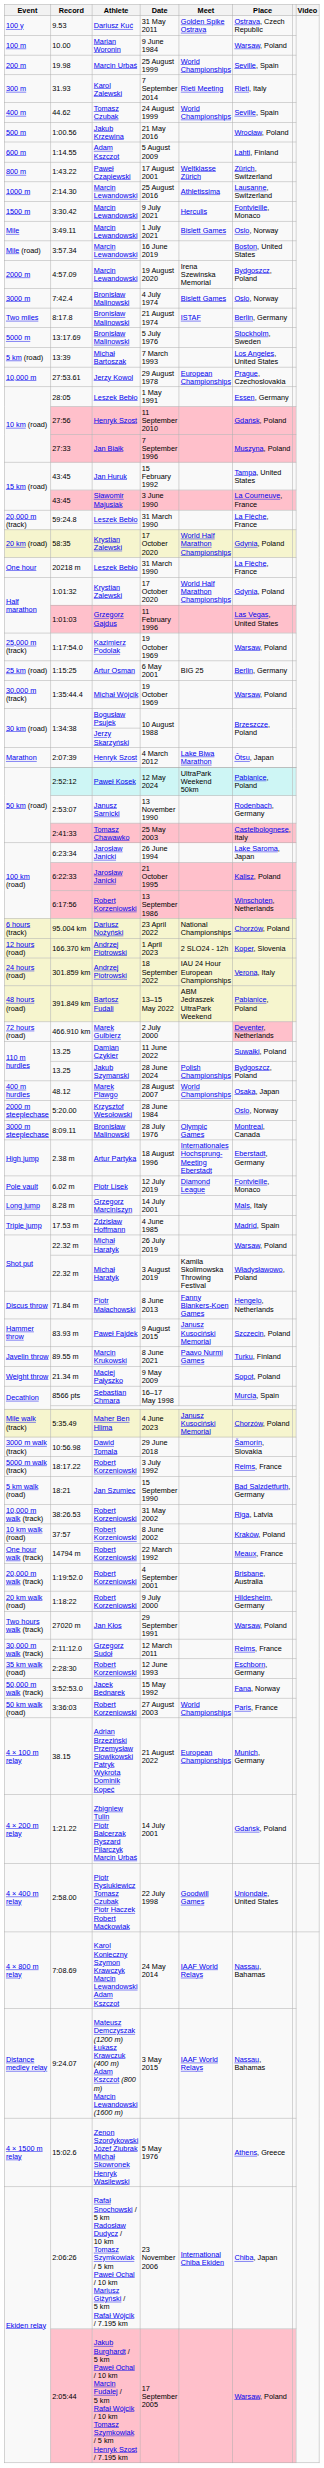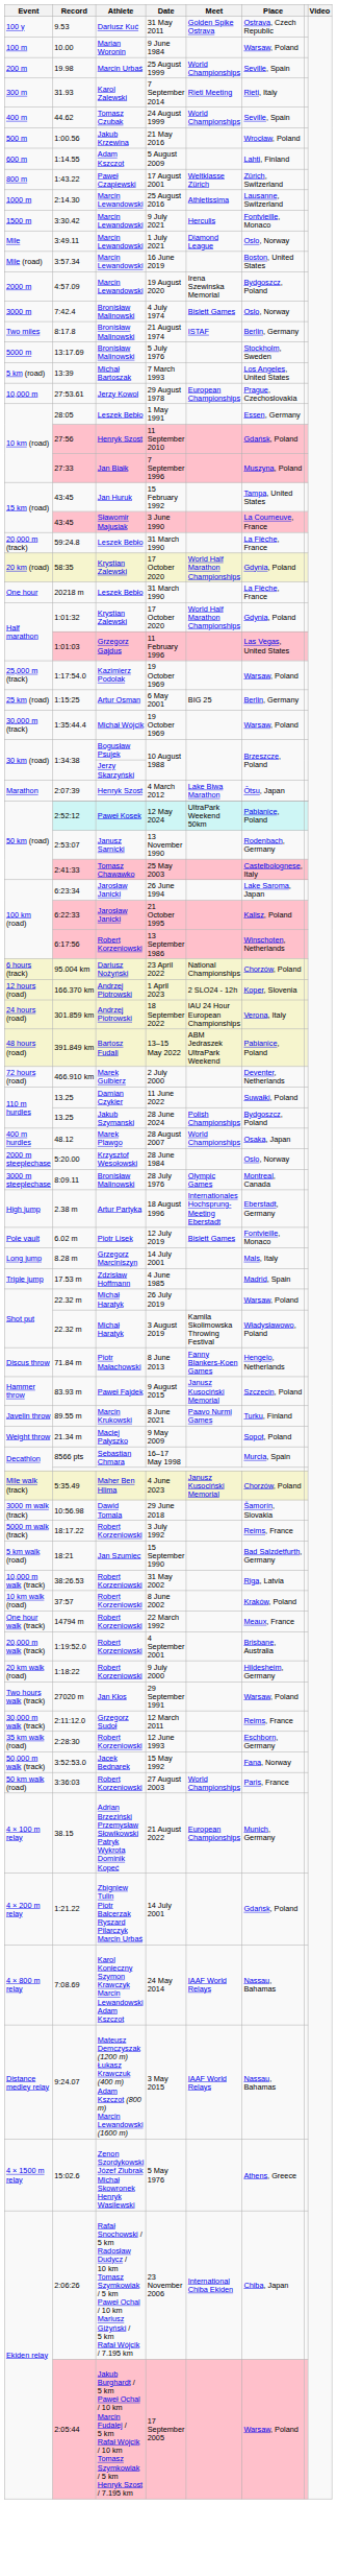 <table class="wikitable" style="font-size:95%; width: 95%;">
 <tr>
 <th>Event</th>
 <th>Record</th>
 <th>Athlete</th>
 <th>Date</th>
 <th>Meet</th>
 <th>Place</th>
 <th></th>
 <th>Video</th>
 </tr>
 <tr>
 <td><a href='#'>100 y</a></td>
 <td>9.53 </td>
 <td><a href='#'>Dariusz Kuć</a></td>
 <td>31 May 2011</td>
 <td><a href='#'>Golden Spike Ostrava</a></td>
 <td><a href='#'>Ostrava</a>, Czech Republic</td>
 <td></td>
 </tr>
 <tr>
 <td><a href='#'>100 m</a></td>
 <td>10.00 </td>
 <td><a href='#'>Marian Woronin</a></td>
 <td>9 June 1984</td>
 <td></td>
 <td><a href='#'>Warsaw</a>, Poland</td>
 <td></td>
 </tr>
 <tr>
 <td><a href='#'>200 m</a></td>
 <td>19.98 </td>
 <td><a href='#'>Marcin Urbaś</a></td>
 <td>25 August 1999</td>
 <td><a href='#'>World Championships</a></td>
 <td><a href='#'>Seville</a>, Spain</td>
 <td></td>
 </tr>
 <tr>
 <td><a href='#'>300 m</a></td>
 <td>31.93</td>
 <td><a href='#'>Karol Zalewski</a></td>
 <td>7 September 2014</td>
 <td><a href='#'>Rieti Meeting</a></td>
 <td><a href='#'>Rieti</a>, Italy</td>
 <td></td>
 </tr>
 <tr>
 <td><a href='#'>400 m</a></td>
 <td>44.62</td>
 <td><a href='#'>Tomasz Czubak</a></td>
 <td>24 August 1999</td>
 <td><a href='#'>World Championships</a></td>
 <td><a href='#'>Seville</a>, Spain</td>
 <td></td>
 </tr>
 <tr>
 <td><a href='#'>500 m</a></td>
 <td>1:00.56</td>
 <td><a href='#'>Jakub Krzewina</a></td>
 <td>21 May 2016</td>
 <td></td>
 <td><a href='#'>Wrocław</a>, Poland</td>
 <td></td>
 </tr>
 <tr>
 <td><a href='#'>600 m</a></td>
 <td>1:14.55</td>
 <td><a href='#'>Adam Kszczot</a></td>
 <td>5 August 2009</td>
 <td></td>
 <td><a href='#'>Lahti</a>, Finland</td>
 <td></td>
 </tr>
 <tr>
 <td><a href='#'>800 m</a></td>
 <td>1:43.22</td>
 <td><a href='#'>Paweł Czapiewski</a></td>
 <td>17 August 2001</td>
 <td><a href='#'>Weltklasse Zürich</a></td>
 <td><a href='#'>Zürich</a>, Switzerland</td>
 <td></td>
 </tr>
 <tr>
 <td><a href='#'>1000 m</a></td>
 <td>2:14.30</td>
 <td><a href='#'>Marcin Lewandowski</a></td>
 <td>25 August 2016</td>
 <td><a href='#'>Athletissima</a></td>
 <td><a href='#'>Lausanne</a>, Switzerland</td>
 <td></td>
 </tr>
 <tr>
 <td><a href='#'>1500 m</a></td>
 <td>3:30.42</td>
 <td><a href='#'>Marcin Lewandowski</a></td>
 <td>9 July 2021</td>
 <td><a href='#'>Herculis</a></td>
 <td><a href='#'>Fontvieille</a>, Monaco</td>
 <td></td>
 </tr>
 <tr>
 <td><a href='#'>Mile</a></td>
 <td>3:49.11</td>
 <td><a href='#'>Marcin Lewandowski</a></td>
 <td>1 July 2021</td>
-<td><a href='#'>Bislett Games</a></td>
+<td><a href='#'>Diamond League</a></td>
 <td><a href='#'>Oslo</a>, Norway</td>
 <td></td>
 </tr>
 <tr>
 <td><a href='#'>Mile</a> (road)</td>
 <td>3:57.34</td>
 <td><a href='#'>Marcin Lewandowski</a></td>
 <td>16 June 2019</td>
 <td></td>
 <td><a href='#'>Boston</a>, United States</td>
 <td></td>
 </tr>
 <tr>
 <td><a href='#'>2000 m</a></td>
 <td>4:57.09</td>
 <td><a href='#'>Marcin Lewandowski</a></td>
 <td>19 August 2020</td>
 <td>Irena Szewinska Memorial</td>
 <td><a href='#'>Bydgoszcz</a>, Poland</td>
 <td></td>
 </tr>
 <tr>
 <td><a href='#'>3000 m</a></td>
 <td>7:42.4</td>
 <td><a href='#'>Bronisław Malinowski</a></td>
 <td>4 July 1974</td>
 <td><a href='#'>Bislett Games</a></td>
 <td><a href='#'>Oslo</a>, Norway</td>
 <td></td>
 </tr>
 <tr>
 <td><a href='#'>Two miles</a></td>
 <td>8:17.8 </td>
 <td><a href='#'>Bronisław Malinowski</a></td>
 <td>21 August 1974</td>
 <td><a href='#'>ISTAF</a></td>
 <td><a href='#'>Berlin</a>, Germany</td>
 <td></td>
 </tr>
 <tr>
 <td><a href='#'>5000 m</a></td>
 <td>13:17.69</td>
 <td><a href='#'>Bronisław Malinowski</a></td>
 <td>5 July 1976</td>
 <td></td>
 <td><a href='#'>Stockholm</a>, Sweden</td>
 <td></td>
 </tr>
 <tr>
 <td><a href='#'>5 km</a> (road)</td>
 <td>13:39</td>
 <td><a href='#'>Michał Bartoszak</a></td>
 <td>7 March 1993</td>
 <td></td>
 <td><a href='#'>Los Angeles</a>, United States</td>
 <td></td>
 </tr>
 <tr>
 <td><a href='#'>10,000 m</a></td>
 <td>27:53.61</td>
 <td><a href='#'>Jerzy Kowol</a></td>
 <td>29 August 1978</td>
 <td><a href='#'>European Championships</a></td>
 <td><a href='#'>Prague</a>, Czechoslovakia</td>
 <td></td>
 </tr>
 <tr>
 <td rowspan=3><a href='#'>10 km</a> (road)</td>
 <td>28:05</td>
 <td><a href='#'>Leszek Bebło</a></td>
 <td>1 May 1991</td>
 <td></td>
 <td><a href='#'>Essen</a>, Germany</td>
 <td></td>
 </tr>
 <tr style="background:pink">
 <td>27:56</td>
 <td><a href='#'>Henryk Szost</a></td>
 <td>11 September 2010</td>
 <td></td>
 <td><a href='#'>Gdańsk</a>, Poland</td>
 <td></td>
 </tr>
 <tr style="background:pink">
 <td>27:33</td>
 <td><a href='#'>Jan Białk</a></td>
 <td>7 September 1996</td>
 <td></td>
 <td><a href='#'>Muszyna</a>, Poland</td>
 <td></td>
 </tr>
 <tr>
 <td rowspan=2><a href='#'>15 km</a> (road)</td>
 <td>43:45</td>
 <td><a href='#'>Jan Huruk</a></td>
 <td>15 February 1992</td>
 <td></td>
 <td><a href='#'>Tampa</a>, United States</td>
 <td></td>
 </tr>
 <tr style="background:pink">
 <td>43:45</td>
 <td><a href='#'>Sławomir Majusiak</a></td>
 <td>3 June 1990</td>
 <td></td>
 <td><a href='#'>La Courneuve</a>, France</td>
 <td></td>
 </tr>
 <tr>
 <td><a href='#'>20,000 m</a> (track)</td>
 <td>59:24.8</td>
 <td><a href='#'>Leszek Bebło</a></td>
 <td>31 March 1990</td>
 <td></td>
 <td><a href='#'>La Flèche</a>, France</td>
 <td></td>
 </tr>
 <tr style="background:#f6F5CE;">
 <td><a href='#'>20 km</a> (road)</td>
 <td>58:35</td>
 <td><a href='#'>Krystian Zalewski</a></td>
 <td>17 October 2020</td>
 <td><a href='#'>World Half Marathon Championships</a></td>
 <td><a href='#'>Gdynia</a>, Poland</td>
 <td></td>
 </tr>
 <tr>
 <td><a href='#'>One hour</a></td>
 <td>20218 m</td>
 <td><a href='#'>Leszek Bebło</a></td>
 <td>31 March 1990</td>
 <td></td>
 <td><a href='#'>La Flèche</a>, France</td>
 <td></td>
 </tr>
 <tr>
 <td rowspan=2><a href='#'>Half marathon</a></td>
 <td>1:01:32</td>
 <td><a href='#'>Krystian Zalewski</a></td>
 <td>17 October 2020</td>
 <td><a href='#'>World Half Marathon Championships</a></td>
 <td><a href='#'>Gdynia</a>, Poland</td>
 <td></td>
 </tr>
 <tr style="background:pink">
 <td>1:01:03</td>
 <td><a href='#'>Grzegorz Gajdus</a></td>
 <td>11 February 1996</td>
 <td></td>
 <td><a href='#'>Las Vegas</a>, United States</td>
 <td></td>
 </tr>
 <tr>
 <td><a href='#'>25,000 m</a> (track)</td>
 <td>1:17:54.0</td>
 <td><a href='#'>Kazimierz Podolak</a></td>
 <td>19 October 1969</td>
 <td></td>
 <td><a href='#'>Warsaw</a>, Poland</td>
 <td></td>
 </tr>
 <tr>
 <td><a href='#'>25 km</a> (road)</td>
 <td>1:15:25</td>
 <td><a href='#'>Artur Osman</a></td>
 <td>6 May 2001</td>
 <td>BIG 25</td>
 <td><a href='#'>Berlin</a>, Germany</td>
 <td></td>
 </tr>
 <tr>
 <td><a href='#'>30,000 m</a> (track)</td>
 <td>1:35:44.4</td>
 <td><a href='#'>Michał Wójcik</a></td>
 <td>19 October 1969</td>
 <td></td>
 <td><a href='#'>Warsaw</a>, Poland</td>
 <td></td>
 </tr>
 <tr>
 <td rowspan=2><a href='#'>30 km</a> (road)</td>
 <td rowspan=2>1:34:38</td>
 <td><a href='#'>Bogusław Psujek</a></td>
 <td rowspan=2>10 August 1988</td>
 <td rowspan=2></td>
 <td rowspan=2><a href='#'>Brzeszcze</a>, Poland</td>
 <td rowspan=2></td>
 </tr>
 <tr>
 <td><a href='#'>Jerzy Skarzyński</a></td>
 </tr>
 <tr>
 <td><a href='#'>Marathon</a></td>
 <td>2:07:39</td>
 <td><a href='#'>Henryk Szost</a></td>
 <td>4 March 2012</td>
 <td><a href='#'>Lake Biwa Marathon</a></td>
 <td><a href='#'>Ōtsu</a>, Japan</td>
 <td></td>
 </tr>
 <tr>
 <td rowspan=4><a href='#'>50 km</a> (road)</td>
 </tr>
 <tr style="background:#CEF6F5">
 <td>2:52:12</td>
 <td><a href='#'>Paweł Kosek</a></td>
 <td>12 May 2024</td>
 <td>UltraPark Weekend 50km</td>
 <td><a href='#'>Pabianice</a>, Poland</td>
 <td></td>
 </tr>
 <tr>
 <td>2:53:07</td>
 <td><a href='#'>Janusz Sarnicki</a></td>
 <td>13 November 1990</td>
 <td></td>
 <td><a href='#'>Rodenbach</a>, Germany</td>
 <td></td>
 </tr>
 <tr style="background:pink">
 <td>2:41:33</td>
 <td><a href='#'>Tomasz Chawawko</a></td>
 <td>25 May 2003</td>
 <td></td>
 <td><a href='#'>Castelbolognese</a>, Italy</td>
 <td></td>
 </tr>
 <tr>
 <td rowspan=3><a href='#'>100 km</a> (road)</td>
 <td>6:23:34</td>
 <td><a href='#'>Jarosław Janicki</a></td>
 <td>26 June 1994</td>
 <td></td>
 <td><a href='#'>Lake Saroma</a>, Japan</td>
 <td></td>
 </tr>
 <tr style="background:pink">
 <td>6:22:33</td>
 <td><a href='#'>Jarosław Janicki</a></td>
 <td>21 October 1995</td>
 <td></td>
 <td><a href='#'>Kalisz</a>, Poland</td>
 <td></td>
 </tr>
 <tr style="background:pink">
 <td>6:17:56</td>
 <td><a href='#'>Robert Korzeniowski</a></td>
 <td>13 September 1986</td>
 <td></td>
 <td><a href='#'>Winschoten</a>, Netherlands</td>
 <td></td>
 </tr>
 <tr style="background:#f6F5CE;">
 <td><a href='#'>6 hours</a> (track)</td>
 <td>95.004 km</td>
 <td><a href='#'>Dariusz Nożyński</a></td>
 <td>23 April 2022</td>
 <td>National Championships</td>
 <td><a href='#'>Chorzów</a>, Poland</td>
 <td></td>
 </tr>
 <tr style="background:#f6F5CE;">
 <td><a href='#'>12 hours</a> (road)</td>
 <td>166.370 km</td>
 <td><a href='#'>Andrzej Piotrowski</a></td>
 <td>1 April 2023</td>
 <td>2 SLO24 - 12h</td>
 <td><a href='#'>Koper</a>, Slovenia</td>
 <td></td>
 </tr>
 <tr style="background:#f6F5CE;">
 <td><a href='#'>24 hours</a> (road)</td>
 <td>301.859 km</td>
 <td><a href='#'>Andrzej Piotrowski</a></td>
 <td>18 September 2022</td>
 <td>IAU 24 Hour European Championships</td>
 <td><a href='#'>Verona</a>, Italy</td>
 <td></td>
 </tr>
 <tr style="background:#f6F5CE;">
 <td><a href='#'>48 hours</a> (road)</td>
 <td>391.849 km</td>
 <td><a href='#'>Bartosz Fudali</a></td>
 <td>13–15 May 2022</td>
 <td>ABM Jedraszek UltraPark Weekend</td>
 <td><a href='#'>Pabianice</a>, Poland</td>
 <td></td>
 </tr>
 <tr>
 <td><a href='#'>72 hours</a> (road)</td>
 <td>466.910 km</td>
 <td><a href='#'>Marek Gulbierz</a></td>
 <td>2 July 2000</td>
 <td></td>
-<td style="background: pink;"><a href='#'>Deventer</a>, Netherlands</td>
+<td><a href='#'>Deventer</a>, Netherlands</td>
 <td></td>
 </tr>
 <tr>
 <td rowspan=2><a href='#'>110 m hurdles</a></td>
 <td>13.25 </td>
 <td><a href='#'>Damian Czykier</a></td>
 <td>11 June 2022</td>
 <td></td>
 <td><a href='#'>Suwałki</a>, Poland</td>
 <td></td>
 </tr>
 <tr>
 <td>13.25 </td>
 <td><a href='#'>Jakub Szymanski</a></td>
 <td>28 June 2024</td>
 <td><a href='#'>Polish Championships</a></td>
 <td><a href='#'>Bydgoszcz</a>, Poland</td>
 <td></td>
 </tr>
 <tr>
 <td><a href='#'>400 m hurdles</a></td>
 <td>48.12</td>
 <td><a href='#'>Marek Plawgo</a></td>
 <td>28 August 2007</td>
 <td><a href='#'>World Championships</a></td>
 <td><a href='#'>Osaka</a>, Japan</td>
 <td></td>
 </tr>
 <tr>
 <td><a href='#'>2000 m steeplechase</a></td>
 <td>5:20.00</td>
 <td><a href='#'>Krzysztof Wesołowski</a></td>
 <td>28 June 1984</td>
 <td></td>
 <td><a href='#'>Oslo</a>, Norway</td>
 <td></td>
 </tr>
 <tr>
 <td><a href='#'>3000 m steeplechase</a></td>
 <td>8:09.11</td>
 <td><a href='#'>Bronisław Malinowski</a></td>
 <td>28 July 1976</td>
 <td><a href='#'>Olympic Games</a></td>
 <td><a href='#'>Montreal</a>, Canada</td>
 <td></td>
 </tr>
 <tr>
 <td><a href='#'>High jump</a></td>
 <td>2.38 m</td>
 <td><a href='#'>Artur Partyka</a></td>
 <td>18 August 1996</td>
 <td><a href='#'>Internationales Hochsprung-Meeting Eberstadt</a></td>
 <td><a href='#'>Eberstadt</a>, Germany</td>
 <td></td>
 </tr>
 <tr>
 <td><a href='#'>Pole vault</a></td>
 <td>6.02 m</td>
 <td><a href='#'>Piotr Lisek</a></td>
 <td>12 July 2019</td>
-<td><a href='#'>Diamond League</a></td>
+<td><a href='#'>Bislett Games</a></td>
 <td><a href='#'>Fontvieille</a>, Monaco</td>
 <td></td>
 </tr>
 <tr>
 <td><a href='#'>Long jump</a></td>
 <td>8.28 m  </td>
 <td><a href='#'>Grzegorz Marciniszyn</a></td>
 <td>14 July 2001</td>
 <td></td>
 <td><a href='#'>Mals</a>, Italy</td>
 <td></td>
 </tr>
 <tr>
 <td><a href='#'>Triple jump</a></td>
 <td>17.53 m </td>
 <td><a href='#'>Zdzisław Hoffmann</a></td>
 <td>4 June 1985</td>
 <td></td>
 <td><a href='#'>Madrid</a>, Spain</td>
 <td></td>
 </tr>
 <tr>
 <td rowspan=2><a href='#'>Shot put</a></td>
 <td>22.32 m</td>
 <td><a href='#'>Michał Haratyk</a></td>
 <td>26 July 2019</td>
 <td></td>
 <td><a href='#'>Warsaw</a>, Poland</td>
 <td></td>
 </tr>
 <tr>
 <td>22.32 m</td>
 <td><a href='#'>Michał Haratyk</a></td>
 <td>3 August 2019</td>
 <td>Kamila Skolimowska Throwing Festival</td>
 <td><a href='#'>Władysławowo</a>, Poland</td>
 <td></td>
 </tr>
 <tr>
 <td><a href='#'>Discus throw</a></td>
 <td>71.84 m</td>
 <td><a href='#'>Piotr Małachowski</a></td>
 <td>8 June 2013</td>
 <td><a href='#'>Fanny Blankers-Koen Games</a></td>
 <td><a href='#'>Hengelo</a>, Netherlands</td>
 <td></td>
 </tr>
 <tr>
 <td><a href='#'>Hammer throw</a></td>
 <td>83.93 m</td>
 <td><a href='#'>Paweł Fajdek</a></td>
 <td>9 August 2015</td>
 <td><a href='#'>Janusz Kusociński Memorial</a></td>
 <td><a href='#'>Szczecin</a>, Poland</td>
 <td></td>
 </tr>
 <tr>
 <td><a href='#'>Javelin throw</a></td>
 <td>89.55 m</td>
 <td><a href='#'>Marcin Krukowski</a></td>
 <td>8 June 2021</td>
 <td><a href='#'>Paavo Nurmi Games</a></td>
 <td><a href='#'>Turku</a>, Finland</td>
 <td></td>
 </tr>
 <tr>
 <td><a href='#'>Weight throw</a></td>
 <td>21.34 m</td>
 <td><a href='#'>Maciej Pałyszko</a></td>
 <td>9 May 2009</td>
 <td></td>
 <td><a href='#'>Sopot</a>, Poland</td>
 <td></td>
 </tr>
 <tr>
 <td rowspan=2><a href='#'>Decathlon</a></td>
 <td>8566 pts</td>
 <td><a href='#'>Sebastian Chmara</a></td>
 <td>16–17 May 1998</td>
 <td></td>
 <td><a href='#'>Murcia</a>, Spain</td>
 <td></td>
 </tr>
 <tr>
 <td colspan=5></td>
 <td></td>
 </tr>
 <tr style="background:#f6F5CE;">
 <td><a href='#'>Mile walk</a> (track)</td>
 <td>5:35.49</td>
 <td><a href='#'>Maher Ben Hlima</a></td>
 <td>4 June 2023</td>
 <td><a href='#'>Janusz Kusociński Memorial</a></td>
 <td><a href='#'>Chorzów</a>, Poland</td>
 <td></td>
 </tr>
 <tr>
 <td><a href='#'>3000 m walk</a> (track)</td>
 <td>10:56.98</td>
 <td><a href='#'>Dawid Tomala</a></td>
 <td>29 June 2018</td>
 <td></td>
 <td><a href='#'>Šamorín</a>, Slovakia</td>
 <td></td>
 </tr>
 <tr>
 <td><a href='#'>5000 m walk</a> (track)</td>
 <td>18:17.22</td>
 <td><a href='#'>Robert Korzeniowski</a></td>
 <td>3 July 1992</td>
 <td></td>
 <td><a href='#'>Reims</a>, France</td>
 <td></td>
 </tr>
 <tr>
 <td><a href='#'>5 km walk</a> (road)</td>
 <td>18:21</td>
 <td><a href='#'>Jan Szumiec</a></td>
 <td>15 September 1990</td>
 <td></td>
 <td><a href='#'>Bad Salzdetfurth</a>, Germany</td>
 <td></td>
 </tr>
 <tr>
 <td><a href='#'>10,000 m walk</a> (track)</td>
 <td>38:26.53</td>
 <td><a href='#'>Robert Korzeniowski</a></td>
 <td>31 May 2002</td>
 <td></td>
 <td><a href='#'>Riga</a>, Latvia</td>
 <td></td>
 </tr>
 <tr>
 <td><a href='#'>10 km walk</a> (road)</td>
 <td>37:57</td>
 <td><a href='#'>Robert Korzeniowski</a></td>
 <td>8 June 2002</td>
 <td></td>
 <td><a href='#'>Kraków</a>, Poland</td>
 <td></td>
 </tr>
 <tr>
 <td><a href='#'>One hour walk</a> (track)</td>
 <td>14794 m</td>
 <td><a href='#'>Robert Korzeniowski</a></td>
 <td>22 March 1992</td>
 <td></td>
 <td><a href='#'>Meaux</a>, France</td>
 <td></td>
 </tr>
 <tr>
 <td><a href='#'>20,000 m walk</a> (track)</td>
 <td>1:19:52.0</td>
 <td><a href='#'>Robert Korzeniowski</a></td>
 <td>4 September 2001</td>
 <td></td>
 <td><a href='#'>Brisbane</a>, Australia</td>
 <td></td>
 </tr>
 <tr>
 <td><a href='#'>20 km walk</a> (road)</td>
 <td>1:18:22</td>
 <td><a href='#'>Robert Korzeniowski</a></td>
 <td>9 July 2000</td>
 <td></td>
 <td><a href='#'>Hildesheim</a>, Germany</td>
 <td></td>
 </tr>
 <tr>
 <td><a href='#'>Two hours walk</a> (track)</td>
 <td>27020 m</td>
 <td><a href='#'>Jan Kłos</a></td>
 <td>29 September 1991</td>
 <td></td>
 <td><a href='#'>Warsaw</a>, Poland</td>
 <td></td>
 </tr>
 <tr>
 <td><a href='#'>30,000 m walk</a> (track)</td>
 <td>2:11:12.0</td>
 <td><a href='#'>Grzegorz Sudoł</a></td>
 <td>12 March 2011</td>
 <td></td>
 <td><a href='#'>Reims</a>, France</td>
 <td></td>
 </tr>
 <tr>
 <td><a href='#'>35 km walk</a> (road)</td>
 <td>2:28:30</td>
 <td><a href='#'>Robert Korzeniowski</a></td>
 <td>12 June 1993</td>
 <td></td>
 <td><a href='#'>Eschborn</a>, Germany</td>
 <td></td>
 </tr>
 <tr>
 <td><a href='#'>50,000 m walk</a> (track)</td>
 <td>3:52:53.0</td>
 <td><a href='#'>Jacek Bednarek</a></td>
 <td>15 May 1992</td>
 <td></td>
 <td><a href='#'>Fana</a>, Norway</td>
 <td></td>
 </tr>
 <tr>
 <td><a href='#'>50 km walk</a> (road)</td>
 <td>3:36:03</td>
 <td><a href='#'>Robert Korzeniowski</a></td>
 <td>27 August 2003</td>
 <td><a href='#'>World Championships</a></td>
 <td><a href='#'>Paris</a>, France</td>
 <td></td>
 </tr>
 <tr>
 <td><a href='#'>4 × 100 m relay</a></td>
 <td>38.15</td>
 <td><br><a href='#'>Adrian Brzeziński</a><br><a href='#'>Przemysław Słowikowski</a><br><a href='#'>Patryk Wykrota</a><br><a href='#'>Dominik Kopeć</a></td>
 <td>21 August 2022</td>
 <td><a href='#'>European Championships</a></td>
 <td><a href='#'>Munich</a>, Germany</td>
 <td></td>
 </tr>
 <tr>
 <td><a href='#'>4 × 200 m relay</a></td>
 <td>1:21.22</td>
 <td><br><a href='#'>Zbigniew Tulin</a><br><a href='#'>Piotr Balcerzak</a><br><a href='#'>Ryszard Pilarczyk</a><br><a href='#'>Marcin Urbaś</a></td>
 <td>14 July 2001</td>
 <td></td>
 <td><a href='#'>Gdańsk</a>, Poland</td>
 <td></td>
 </tr>
 <tr>
-<td><a href='#'>4 × 400 m relay</a></td>
-<td>2:58.00</td>
-<td><br><a href='#'>Piotr Rysiukiewicz</a><br><a href='#'>Tomasz Czubak</a><br><a href='#'>Piotr Haczek</a><br><a href='#'>Robert Maćkowiak</a></td>
-<td>22 July 1998</td>
-<td><a href='#'>Goodwill Games</a></td>
-<td><a href='#'>Uniondale</a>, United States</td>
-<td></td>
-<td></td>
-</tr>
-<tr>
 <td><a href='#'>4 × 800 m relay</a></td>
 <td>7:08.69</td>
 <td><br><a href='#'>Karol Konieczny</a><br><a href='#'>Szymon Krawczyk</a><br><a href='#'>Marcin Lewandowski</a><br><a href='#'>Adam Kszczot</a></td>
 <td>24 May 2014</td>
 <td><a href='#'>IAAF World Relays</a></td>
 <td><a href='#'>Nassau</a>, Bahamas</td>
 <td></td>
 </tr>
 <tr>
 <td><a href='#'>Distance medley relay</a></td>
 <td>9:24.07</td>
 <td><br><a href='#'>Mateusz Demczyszak</a>  <em>(1200 m)</em><br><a href='#'>Łukasz Krawczuk</a>  <em>(400 m)</em><br><a href='#'>Adam Kszczot</a>  <em>(800 m)</em><br><a href='#'>Marcin Lewandowski</a>  <em>(1600 m)</em></td>
 <td>3 May 2015</td>
 <td><a href='#'>IAAF World Relays</a></td>
 <td><a href='#'>Nassau</a>, Bahamas</td>
 <td></td>
 </tr>
 <tr>
 <td><a href='#'>4 × 1500 m relay</a></td>
 <td>15:02.6</td>
 <td><br><a href='#'>Zenon Szordykowski</a><br><a href='#'>Józef Ziubrak</a><br><a href='#'>Michał Skowronek</a><br><a href='#'>Henryk Wasilewski</a></td>
 <td>5 May 1976</td>
 <td></td>
 <td><a href='#'>Athens</a>, Greece</td>
 <td></td>
 </tr>
 <tr>
 <td rowspan=2><a href='#'>Ekiden relay</a></td>
 <td>2:06:26</td>
 <td><br><a href='#'>Rafał Snochowski</a> / 5 km<br><a href='#'>Radosław Dudycz</a> / 10 km<br><a href='#'>Tomasz Szymkowiak</a> / 5 km<br><a href='#'>Paweł Ochal</a> / 10 km<br><a href='#'>Mariusz Giżyński</a> / 5 km<br><a href='#'>Rafał Wójcik</a> / 7.195 km</td>
 <td>23 November 2006</td>
 <td><a href='#'>International Chiba Ekiden</a></td>
 <td><a href='#'>Chiba</a>, Japan</td>
 <td></td>
 </tr>
 <tr style="background:pink">
 <td>2:05:44</td>
 <td><br><a href='#'>Jakub Burghardt</a> / 5 km<br><a href='#'>Paweł Ochal</a> / 10 km<br><a href='#'>Marcin Fudalej</a> / 5 km<br><a href='#'>Rafał Wójcik</a> / 10 km<br><a href='#'>Tomasz Szymkowiak</a> / 5 km<br><a href='#'>Henryk Szost</a> / 7.195 km</td>
 <td>17 September 2005</td>
 <td></td>
 <td><a href='#'>Warsaw</a>, Poland</td>
 <td></td>
 </tr>
 </table>
